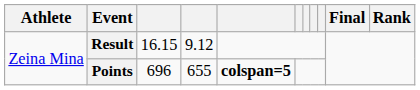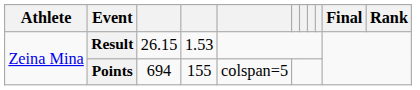 <table class=wikitable style=font-size:90%>
 <tr>
 <th>Athlete</th>
 <th>Event</th>
 <th></th>
 <th></th>
 <th></th>
 <th></th>
 <th></th>
 <th></th>
 <th></th>
 <th>Final</th>
 <th>Rank</th>
 </tr>
 <tr align=center>
 <td rowspan=2 style=text-align:left><a href='#'>Zeina Mina</a></td>
 <th style=font-size:95%>Result</th>
-<td>16.15</td>
-<td>9.12</td>
+<td>26.15</td>
+<td>1.53</td>
 <td colspan=5></td>
 <td rowspan=2 colspan=2></td>
 </tr>
 <tr align=center>
 <th style=font-size:95%>Points</th>
-<td>696</td>
-<td>655</td>
-<td><strong>colspan=5 </strong></td>
+<td>694</td>
+<td>155</td>
+<td>colspan=5 </td>
 </tr>
 </table>
